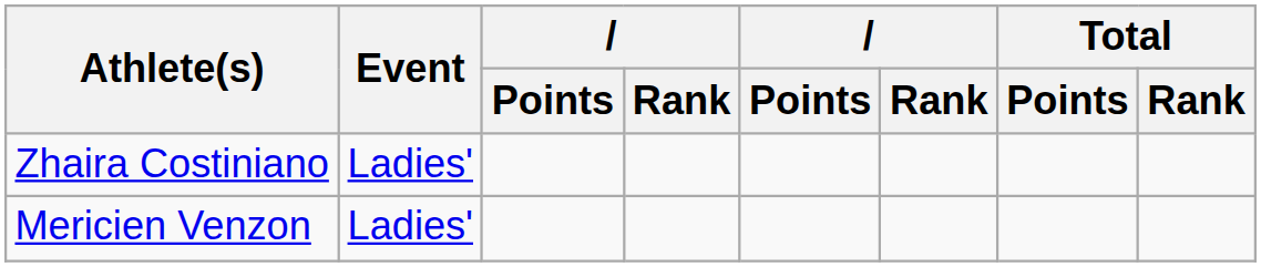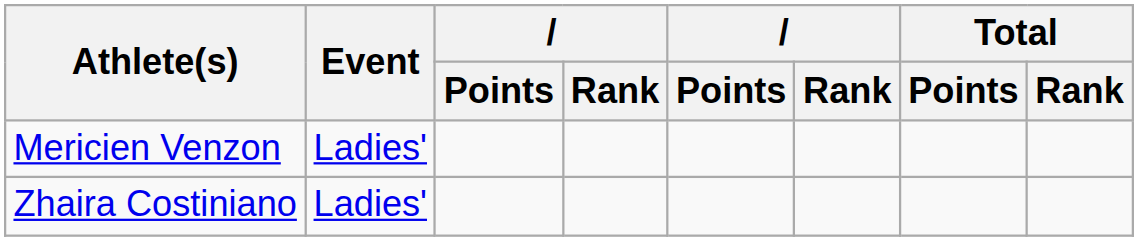 <table class="wikitable">
 <tr>
 <th rowspan="2">Athlete(s)</th>
 <th rowspan="2">Event</th>
 <th colspan="2">/</th>
 <th colspan="2">/</th>
 <th colspan="2">Total</th>
 </tr>
 <tr>
 <th>Points</th>
 <th>Rank</th>
 <th>Points</th>
 <th>Rank</th>
 <th>Points</th>
 <th>Rank</th>
 </tr>
 <tr>
+<td><a href='#'>Mericien Venzon</a></td>
+<td><a href='#'>Ladies'</a></td>
+<td></td>
+<td></td>
+<td></td>
+<td></td>
+<td></td>
+<td></td>
+</tr>
+<tr>
 <td><a href='#'>Zhaira Costiniano</a></td>
 <td><a href='#'>Ladies'</a></td>
 <td></td>
 <td></td>
 <td></td>
 <td></td>
 <td></td>
 <td></td>
 </tr>
-<tr>
-<td><a href='#'>Mericien Venzon</a></td>
-<td><a href='#'>Ladies'</a></td>
-<td></td>
-<td></td>
-<td></td>
-<td></td>
-<td></td>
-<td></td>
-</tr>
 </table>
